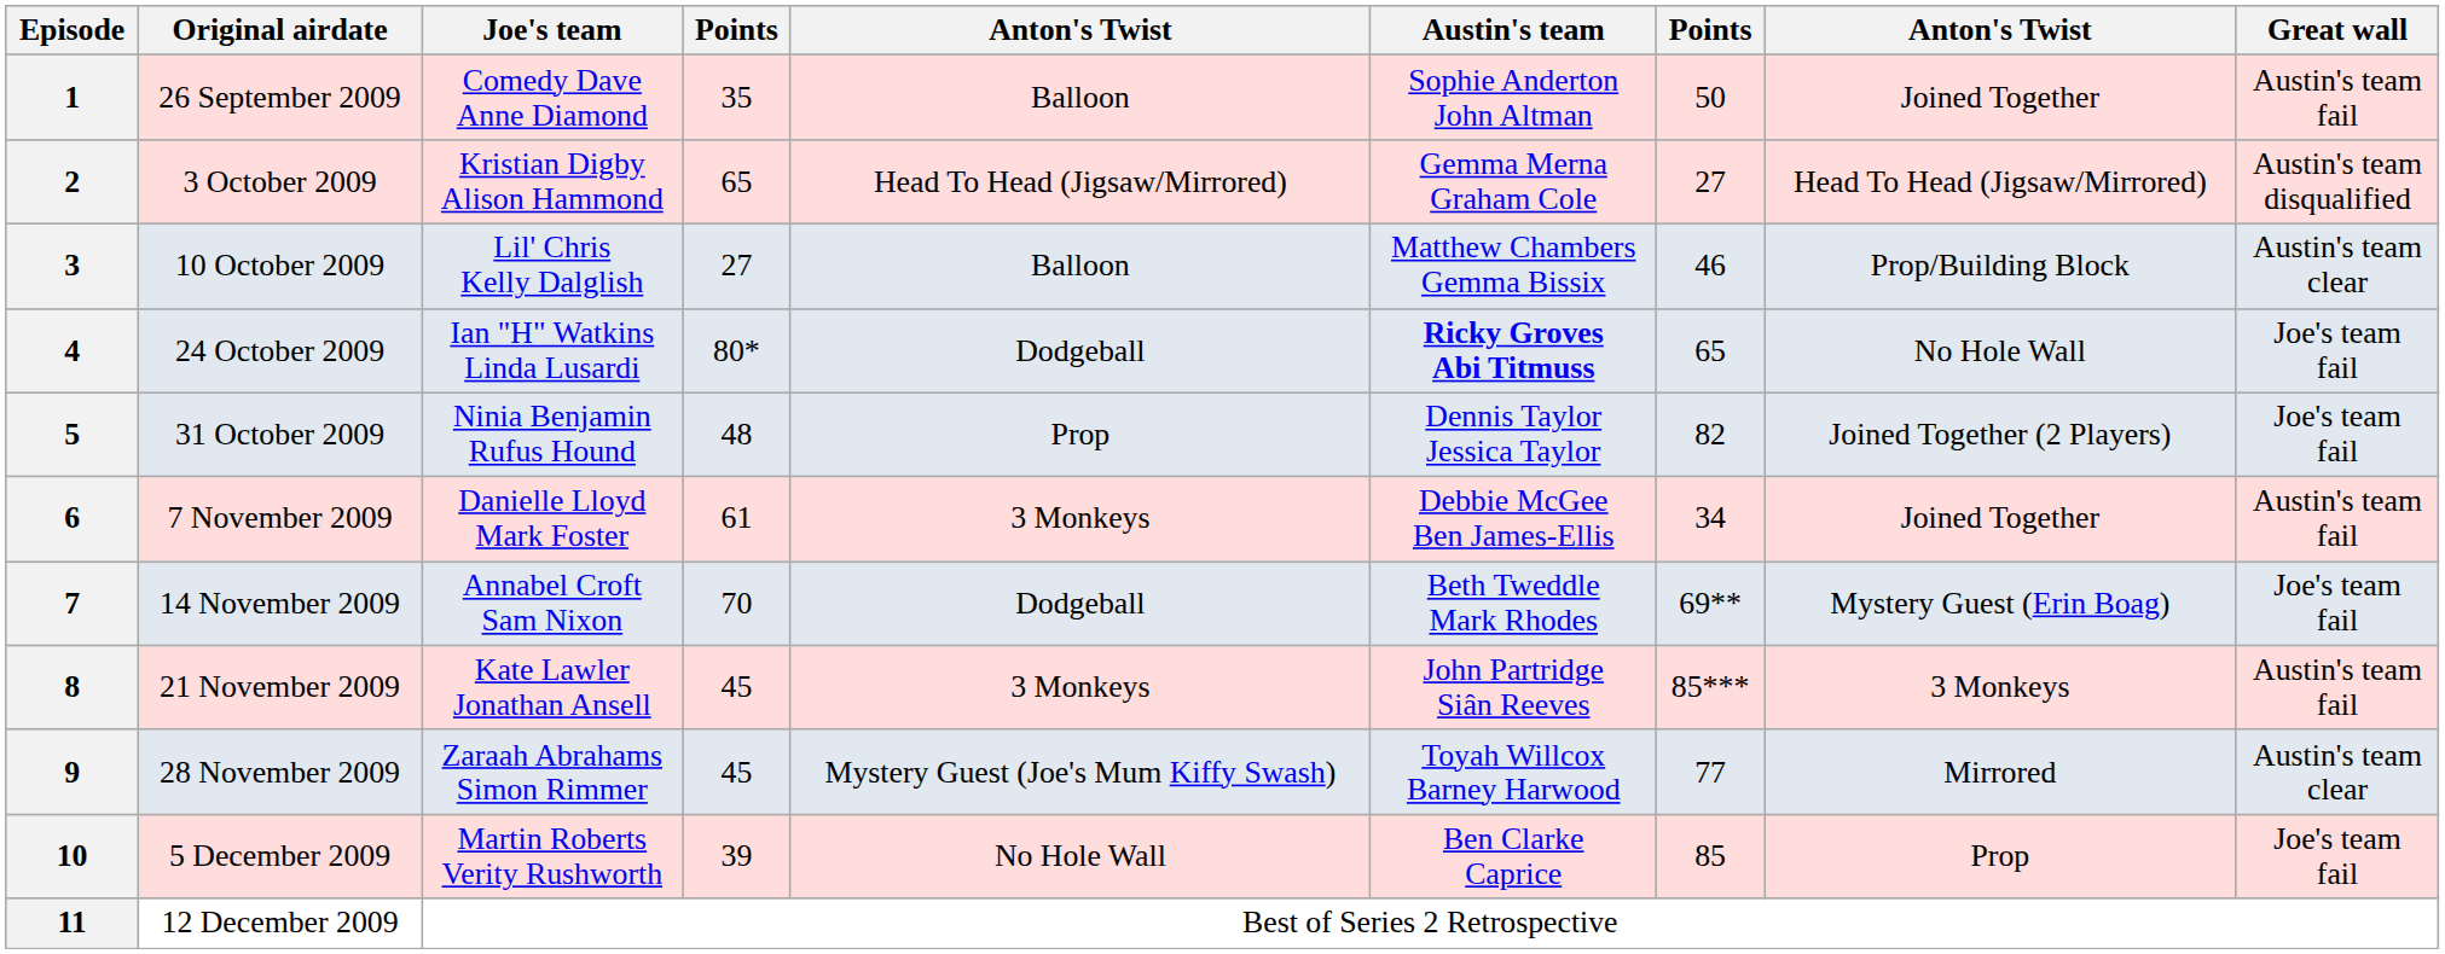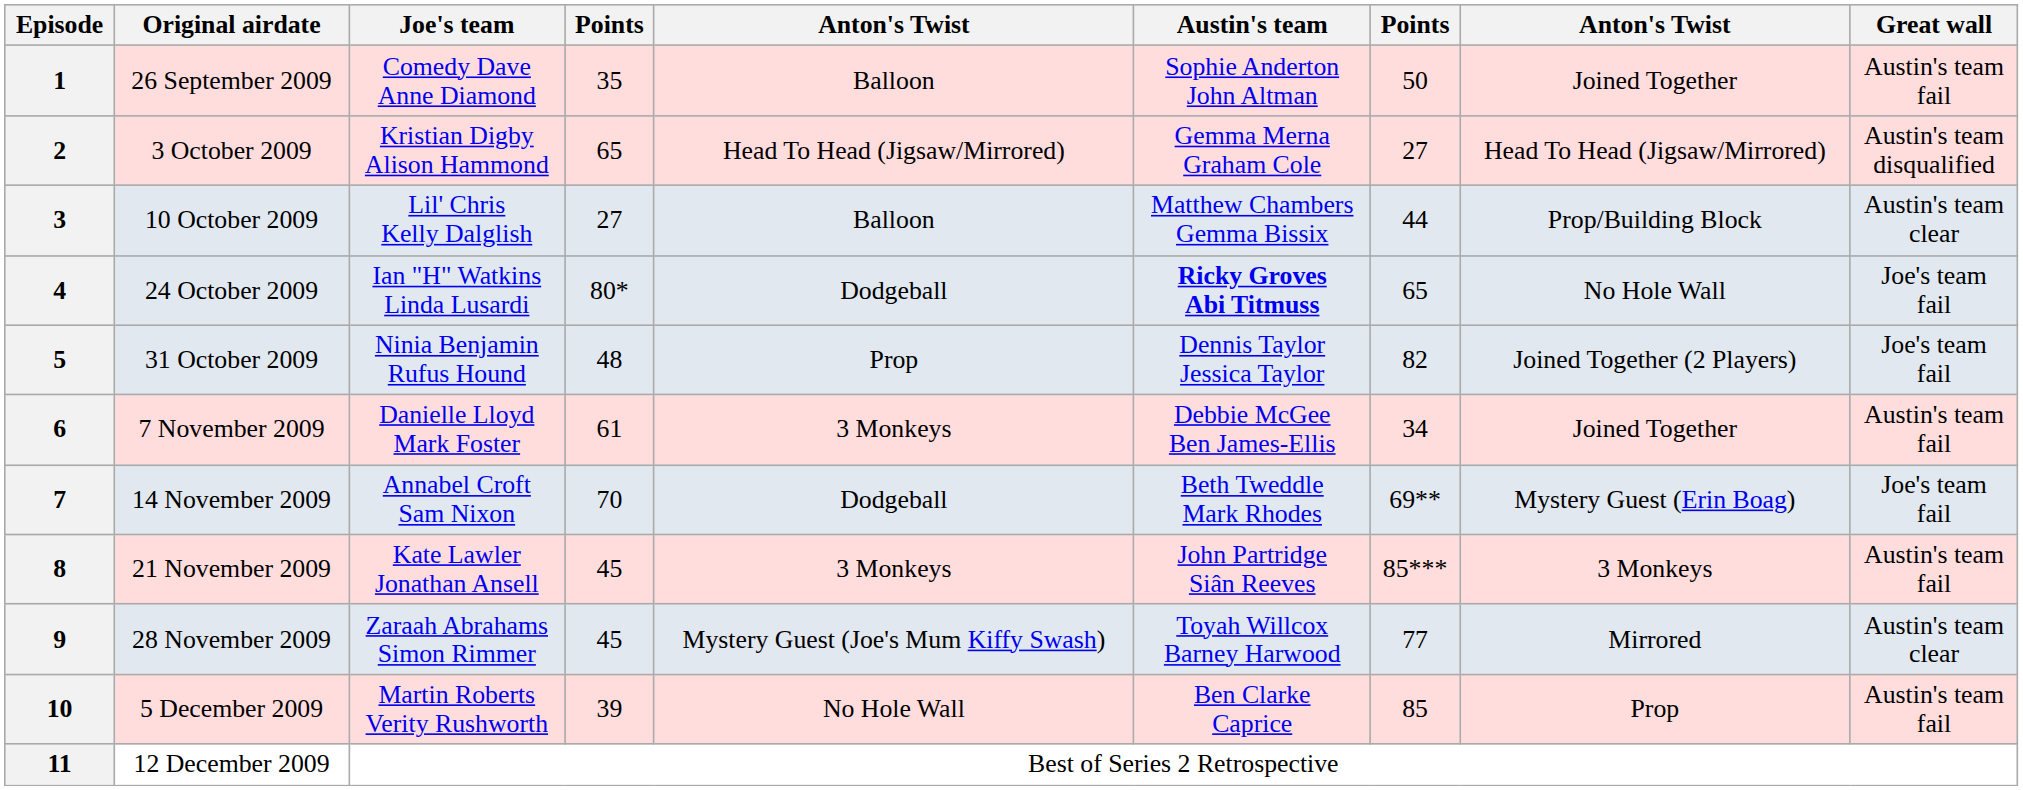 <table class="wikitable" width="99%" style="left: 0 auto; text-align: center;">
 <tr>
 <th>Episode</th>
 <th>Original airdate</th>
 <th>Joe's team</th>
 <th>Points</th>
 <th>Anton's Twist</th>
 <th>Austin's team</th>
 <th>Points</th>
 <th>Anton's Twist</th>
 <th>Great wall</th>
 </tr>
 <tr bgcolor="ffdddd">
 <th>1</th>
 <td>26 September 2009</td>
 <td><a href='#'>Comedy Dave</a><br><a href='#'>Anne Diamond</a></td>
 <td>35</td>
 <td>Balloon</td>
 <td><a href='#'>Sophie Anderton</a><br><a href='#'>John Altman</a></td>
 <td>50</td>
 <td>Joined Together</td>
 <td>Austin's team<br>fail</td>
 </tr>
 <tr bgcolor="ffdddd">
 <th>2</th>
 <td>3 October 2009</td>
 <td><a href='#'>Kristian Digby</a><br><a href='#'>Alison Hammond</a></td>
 <td>65</td>
 <td>Head To Head (Jigsaw/Mirrored)</td>
 <td><a href='#'>Gemma Merna</a><br><a href='#'>Graham Cole</a></td>
 <td>27</td>
 <td>Head To Head (Jigsaw/Mirrored)</td>
 <td>Austin's team<br>disqualified</td>
 </tr>
 <tr bgcolor="E1E8EF">
 <th>3</th>
 <td>10 October 2009</td>
 <td><a href='#'>Lil' Chris</a><br><a href='#'>Kelly Dalglish</a></td>
 <td>27</td>
 <td>Balloon</td>
 <td><a href='#'>Matthew Chambers</a><br><a href='#'>Gemma Bissix</a></td>
-<td>46</td>
+<td>44</td>
 <td>Prop/Building Block</td>
 <td>Austin's team<br>clear</td>
 </tr>
 <tr bgcolor="E1E8EF">
 <th>4</th>
 <td>24 October 2009</td>
 <td><a href='#'>Ian "H" Watkins</a><br><a href='#'>Linda Lusardi</a></td>
 <td>80*</td>
 <td>Dodgeball</td>
 <td><strong><a href='#'>Ricky Groves</a><br><a href='#'>Abi Titmuss</a></strong></td>
 <td>65</td>
 <td>No Hole Wall</td>
 <td>Joe's team<br>fail</td>
 </tr>
 <tr bgcolor="E1E8EF">
 <th>5</th>
 <td>31 October 2009</td>
 <td><a href='#'>Ninia Benjamin</a><br><a href='#'>Rufus Hound</a></td>
 <td>48</td>
 <td>Prop</td>
 <td><a href='#'>Dennis Taylor</a><br><a href='#'>Jessica Taylor</a></td>
 <td>82</td>
 <td>Joined Together (2 Players)</td>
 <td>Joe's team<br>fail</td>
 </tr>
 <tr bgcolor="ffdddd">
 <th>6</th>
 <td>7 November 2009</td>
 <td><a href='#'>Danielle Lloyd</a><br><a href='#'>Mark Foster</a></td>
 <td>61</td>
 <td>3 Monkeys</td>
 <td><a href='#'>Debbie McGee</a><br><a href='#'>Ben James-Ellis</a></td>
 <td>34</td>
 <td>Joined Together</td>
 <td>Austin's team<br>fail</td>
 </tr>
 <tr bgcolor="E1E8EF">
 <th>7</th>
 <td>14 November 2009</td>
 <td><a href='#'>Annabel Croft</a><br><a href='#'>Sam Nixon</a></td>
 <td>70</td>
 <td>Dodgeball</td>
 <td><a href='#'>Beth Tweddle</a><br><a href='#'>Mark Rhodes</a></td>
 <td>69**</td>
 <td>Mystery Guest (<a href='#'>Erin Boag</a>)</td>
 <td>Joe's team<br>fail</td>
 </tr>
 <tr bgcolor="ffdddd">
 <th>8</th>
 <td>21 November 2009</td>
 <td><a href='#'>Kate Lawler</a><br><a href='#'>Jonathan Ansell</a></td>
 <td>45</td>
 <td>3 Monkeys</td>
 <td><a href='#'>John Partridge</a><br><a href='#'>Siân Reeves</a></td>
 <td>85***</td>
 <td>3 Monkeys</td>
 <td>Austin's team<br>fail</td>
 </tr>
 <tr bgcolor="E1E8EF">
 <th>9</th>
 <td>28 November 2009</td>
 <td><a href='#'>Zaraah Abrahams</a><br><a href='#'>Simon Rimmer</a></td>
 <td>45</td>
 <td>Mystery Guest (Joe's Mum <a href='#'>Kiffy Swash</a>)</td>
 <td><a href='#'>Toyah Willcox</a><br><a href='#'>Barney Harwood</a></td>
 <td>77</td>
 <td>Mirrored</td>
 <td>Austin's team<br>clear</td>
 </tr>
 <tr bgcolor="ffdddd">
 <th>10</th>
 <td>5 December 2009</td>
 <td><a href='#'>Martin Roberts</a><br><a href='#'>Verity Rushworth</a></td>
 <td>39</td>
 <td>No Hole Wall</td>
 <td><a href='#'>Ben Clarke</a><br><a href='#'>Caprice</a></td>
 <td>85</td>
 <td>Prop</td>
-<td>Joe's team<br>fail</td>
+<td>Austin's team<br>fail</td>
 </tr>
 <tr bgcolor="ffffff">
 <th>11</th>
 <td>12 December 2009</td>
 <td colspan="7">Best of Series 2 Retrospective</td>
 </tr>
 </table>
